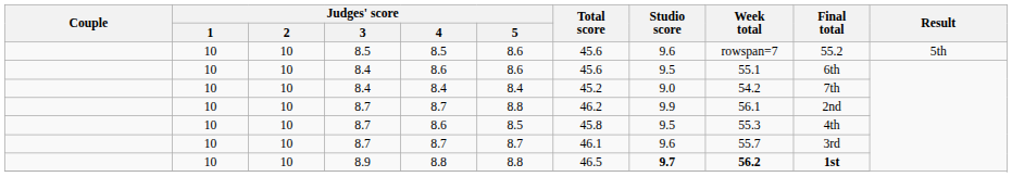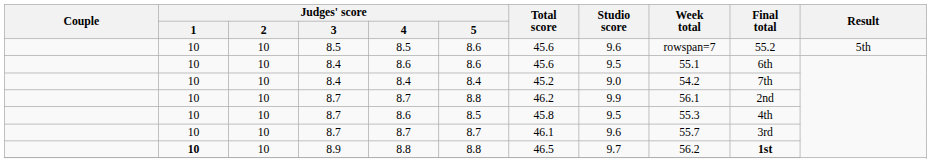 <table class="wikitable" style="font-size:100%; line-height:16px; text-align:center" width="100%">
 <tr>
 <th rowspan=2 width="11.00%">Couple</th>
 <th colspan=5 width="25.00%">Judges' score</th>
 <th rowspan=2 width="05.00%">Total<br>score</th>
 <th rowspan=2 width="05.00%">Studio<br>score</th>
 <th rowspan=2 width="05.00%">Week<br>total</th>
 <th rowspan=2 width="05.00%">Final<br>total</th>
 <th rowspan=2 width="09.00%">Result</th>
 </tr>
 <tr>
 <th width="05%">1</th>
 <th width="05%">2</th>
 <th width="05%">3</th>
 <th width="05%">4</th>
 <th width="05%">5</th>
 </tr>
 <tr>
 <td></td>
 <td>10</td>
 <td>10</td>
 <td>8.5</td>
 <td>8.5</td>
 <td>8.6</td>
 <td>45.6</td>
 <td>9.6</td>
 <td>rowspan=7 </td>
 <td>55.2</td>
 <td>5th</td>
 </tr>
 <tr>
 <td></td>
 <td>10</td>
 <td>10</td>
 <td>8.4</td>
 <td>8.6</td>
 <td>8.6</td>
 <td>45.6</td>
 <td>9.5</td>
 <td>55.1</td>
 <td>6th</td>
 </tr>
 <tr>
 <td></td>
 <td>10</td>
 <td>10</td>
 <td>8.4</td>
 <td>8.4</td>
 <td>8.4</td>
 <td>45.2</td>
 <td>9.0</td>
 <td>54.2</td>
 <td>7th</td>
 </tr>
 <tr>
 <td></td>
 <td>10</td>
 <td>10</td>
 <td>8.7</td>
 <td>8.7</td>
 <td>8.8</td>
 <td>46.2</td>
 <td>9.9</td>
 <td>56.1</td>
 <td>2nd</td>
 </tr>
 <tr>
 <td></td>
 <td>10</td>
 <td>10</td>
 <td>8.7</td>
 <td>8.6</td>
 <td>8.5</td>
 <td>45.8</td>
 <td>9.5</td>
 <td>55.3</td>
 <td>4th</td>
 </tr>
 <tr>
 <td></td>
 <td>10</td>
 <td>10</td>
 <td>8.7</td>
 <td>8.7</td>
 <td>8.7</td>
 <td>46.1</td>
 <td>9.6</td>
 <td>55.7</td>
 <td>3rd</td>
 </tr>
 <tr>
 <td></td>
-<td>10</td>
+<td><strong>10</strong></td>
 <td>10</td>
 <td>8.9</td>
 <td>8.8</td>
 <td>8.8</td>
 <td>46.5</td>
-<td><strong>9.7</strong></td>
-<td><strong>56.2</strong></td>
+<td>9.7</td>
+<td>56.2</td>
 <td><strong>1st</strong></td>
 </tr>
 <tr>
 </tr>
 </table>
